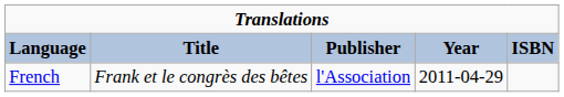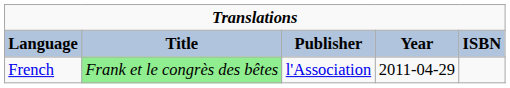 <table class="wikitable">
 <tr>
 <td colspan="5" style="text-align:center;"><strong><em>Translations</em></strong></td>
 </tr>
 <tr>
 <th style="background:#B0C4DE;">Language</th>
 <th style="background:#B0C4DE;">Title</th>
 <th style="background:#B0C4DE;">Publisher</th>
 <th style="background:#B0C4DE;">Year</th>
 <th style="background:#B0C4DE;">ISBN</th>
 </tr>
 <tr>
 <td><a href='#'>French</a></td>
-<td><em>Frank et le congrès des bêtes</em></td>
+<td style="background: lightgreen;"><em>Frank et le congrès des bêtes</em></td>
 <td><a href='#'>l'Association</a></td>
 <td>2011-04-29</td>
 <td></td>
 </tr>
 </table>
